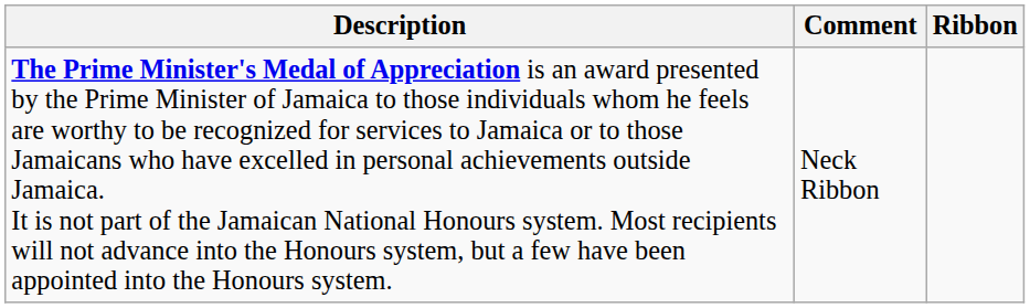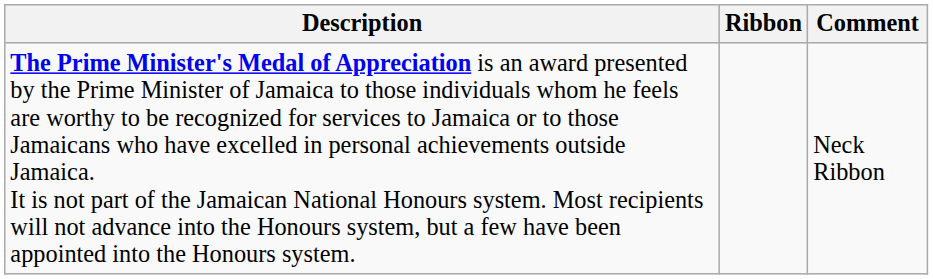 <table class="wikitable">
 <tr>
 <th>Description</th>
+<th>Ribbon</th>
 <th>Comment</th>
-<th>Ribbon</th>
 </tr>
 <tr>
 <td><strong><a href='#'>The Prime Minister's Medal of Appreciation</a></strong> is an award presented by the Prime Minister of Jamaica to those individuals whom he feels are worthy to be recognized for services to Jamaica or to those Jamaicans who have excelled in personal achievements outside Jamaica.<br>It is not part of the Jamaican National Honours system. Most recipients will not advance into the Honours system, but a few have been appointed into the Honours system.</td>
+<td></td>
 <td>Neck Ribbon</td>
-<td></td>
 </tr>
 </table>
